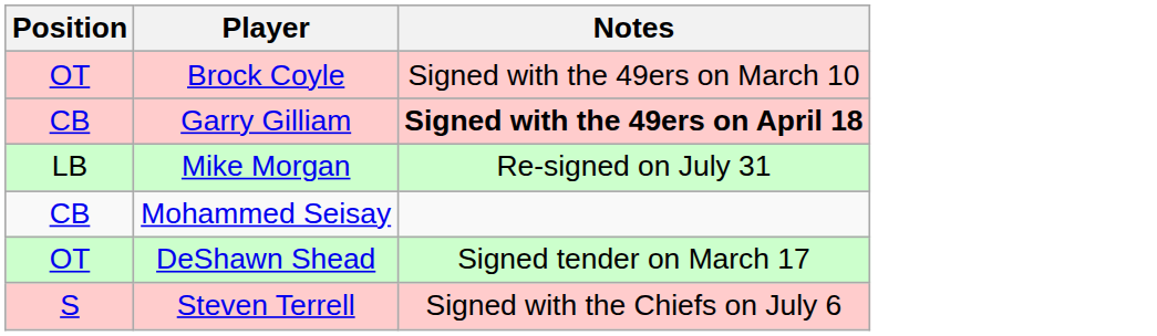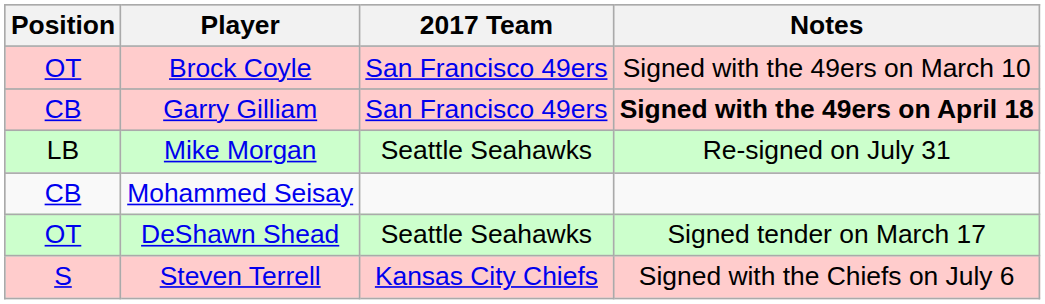 <table class="wikitable" style="text-align:center">
 <tr>
 <th>Position</th>
 <th>Player</th>
+<th>2017 Team</th>
 <th>Notes</th>
 </tr>
 <tr style="background:#fcc">
 <td><a href='#'>OT</a></td>
 <td><a href='#'>Brock Coyle</a></td>
+<td><a href='#'>San Francisco 49ers</a></td>
 <td>Signed with the 49ers on March 10</td>
 </tr>
 <tr style="background:#fcc">
 <td><a href='#'>CB</a></td>
 <td><a href='#'>Garry Gilliam</a></td>
+<td><a href='#'>San Francisco 49ers</a></td>
 <td><strong>Signed with the 49ers on April 18</strong></td>
 </tr>
 <tr style="background:#cfc">
 <td>LB</td>
 <td><a href='#'>Mike Morgan</a></td>
+<td>Seattle Seahawks</td>
 <td>Re-signed on July 31</td>
 </tr>
 <tr style="background:#">
 <td><a href='#'>CB</a></td>
 <td><a href='#'>Mohammed Seisay</a></td>
 <td></td>
+<td></td>
 </tr>
 <tr style="background:#cfc">
 <td><a href='#'>OT</a></td>
 <td><a href='#'>DeShawn Shead</a></td>
+<td>Seattle Seahawks</td>
 <td>Signed tender on March 17</td>
 </tr>
 <tr style="background:#fcc">
 <td><a href='#'>S</a></td>
 <td><a href='#'>Steven Terrell</a></td>
+<td><a href='#'>Kansas City Chiefs</a></td>
 <td>Signed with the Chiefs on July 6</td>
 </tr>
 </table>
